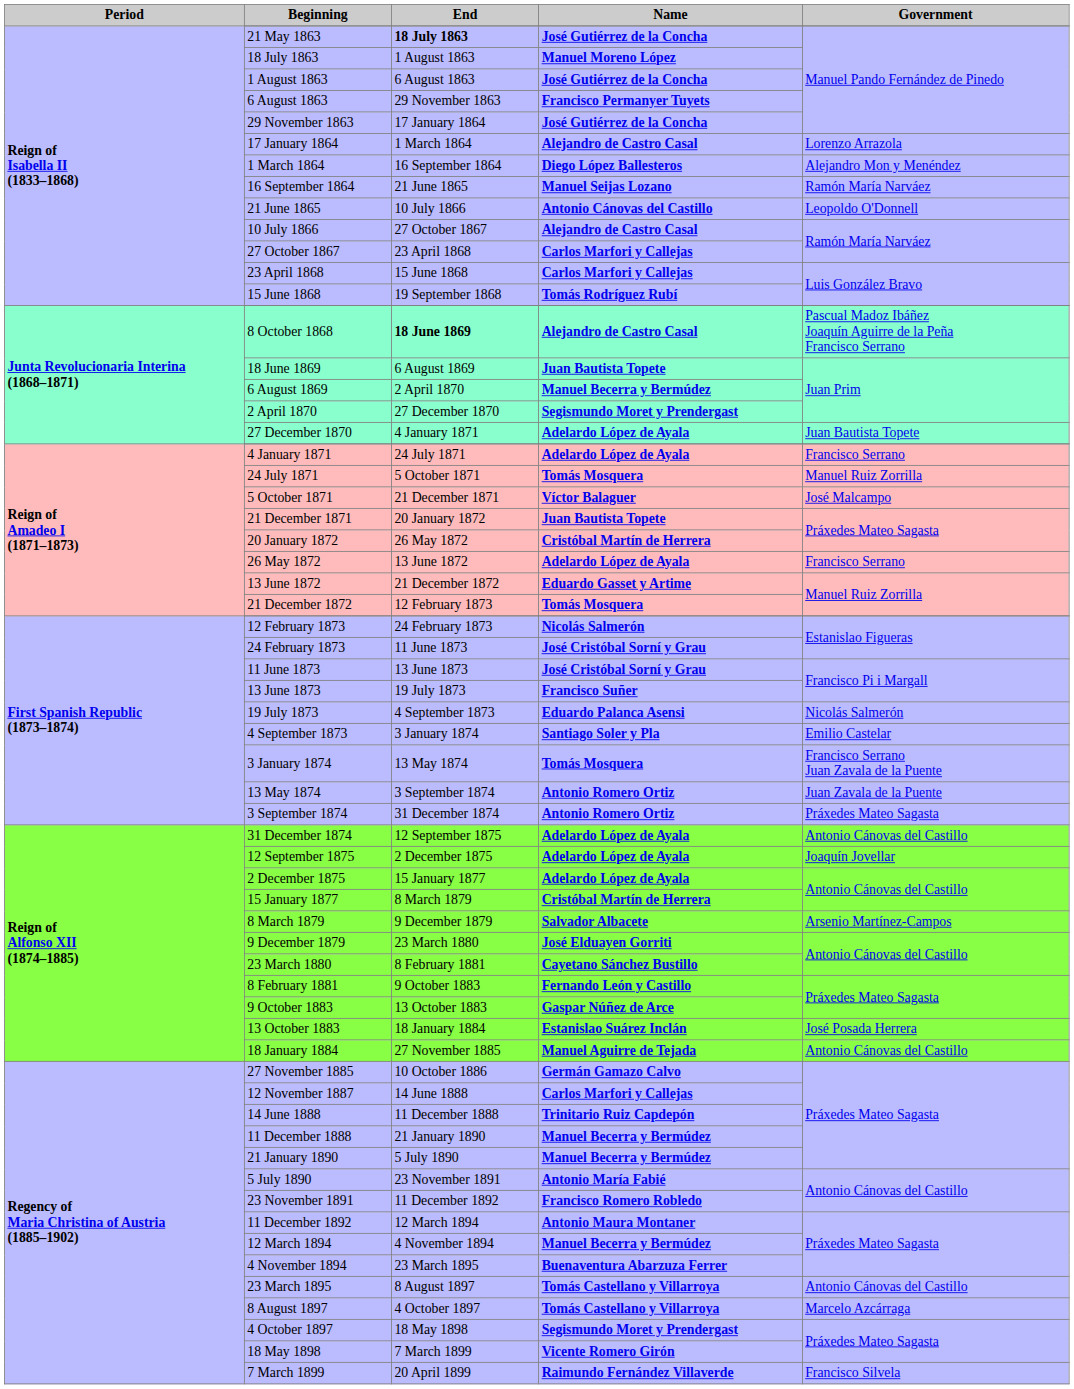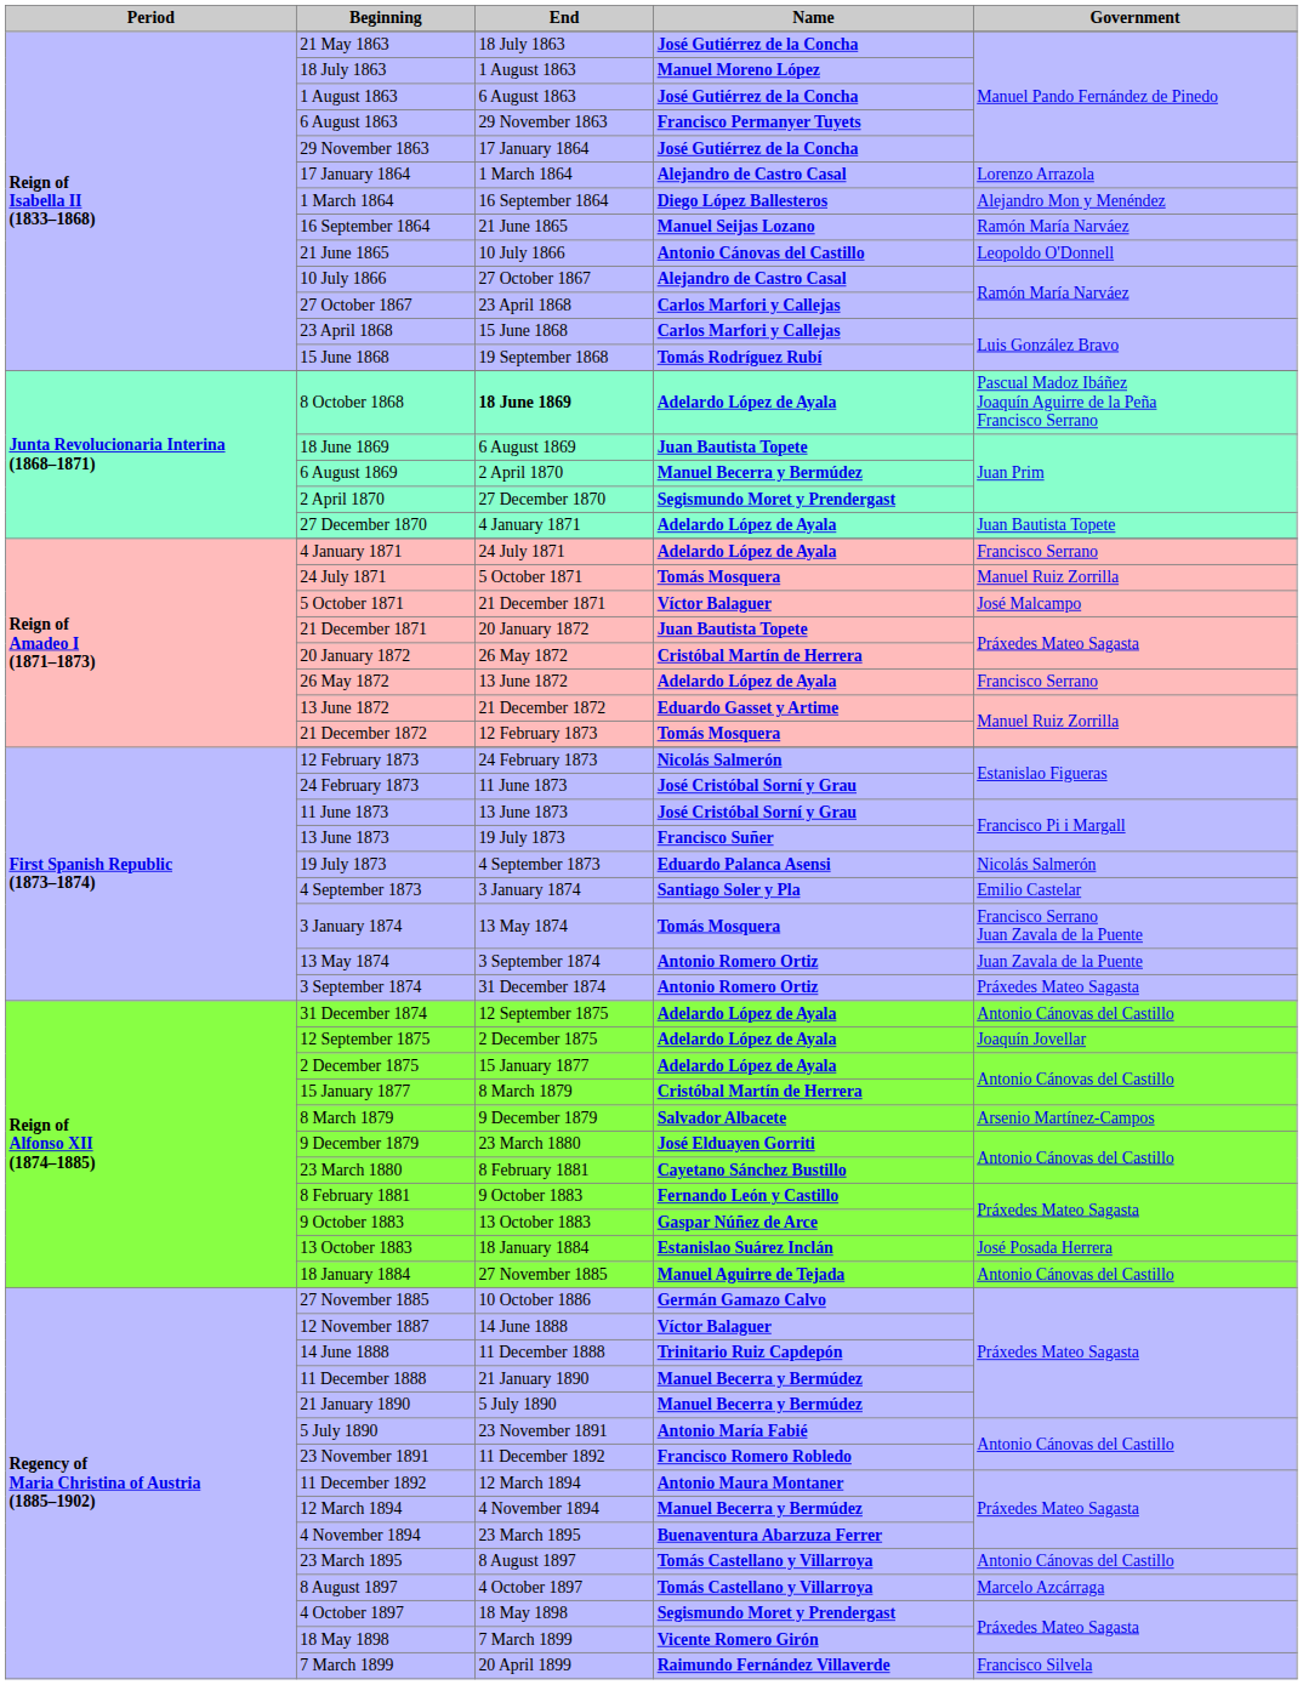 <table bgcolor="#f7f8ff" cellpadding="3" cellspacing="0" border="1" style="ont-size: 95%; border: gray solid 1px; border-collapse: collapse;" width="98%">
 <tr bgcolor="#CCCCCC">
 <th align="center">Period</th>
 <th align="center">Beginning</th>
 <th align="center">End</th>
 <th align="center">Name</th>
 <th align="center">Government</th>
 </tr>
 <tr bgcolor="#BBBBFF">
 <td rowspan=14><strong>Reign of</strong><br><strong><a href='#'>Isabella II</a></strong><br><strong>(1833–1868)</strong></td>
 </tr>
 <tr bgcolor="#BBBBFF">
 <td>21 May 1863</td>
-<td><strong>18 July 1863</strong></td>
+<td>18 July 1863</td>
 <td><strong><a href='#'>José Gutiérrez de la Concha</a></strong></td>
 <td rowspan=5><a href='#'>Manuel Pando Fernández de Pinedo</a></td>
 </tr>
 <tr bgcolor="#BBBBFF">
 <td>18 July 1863</td>
 <td>1 August 1863</td>
 <td><strong><a href='#'>Manuel Moreno López</a></strong></td>
 </tr>
 <tr bgcolor="#BBBBFF">
 <td>1 August 1863</td>
 <td>6 August 1863</td>
 <td><strong><a href='#'>José Gutiérrez de la Concha</a></strong></td>
 </tr>
 <tr bgcolor="#BBBBFF">
 <td>6 August 1863</td>
 <td>29 November 1863</td>
 <td><strong><a href='#'>Francisco Permanyer Tuyets</a></strong></td>
 </tr>
 <tr bgcolor="#BBBBFF">
 <td>29 November 1863</td>
 <td>17 January 1864</td>
 <td><strong><a href='#'>José Gutiérrez de la Concha</a></strong></td>
 </tr>
 <tr bgcolor="#BBBBFF">
 <td>17 January 1864</td>
 <td>1 March 1864</td>
 <td><strong><a href='#'>Alejandro de Castro Casal</a></strong></td>
 <td><a href='#'>Lorenzo Arrazola</a></td>
 </tr>
 <tr bgcolor="#BBBBFF">
 <td>1 March 1864</td>
 <td>16 September 1864</td>
 <td><strong><a href='#'>Diego López Ballesteros</a></strong></td>
 <td><a href='#'>Alejandro Mon y Menéndez</a></td>
 </tr>
 <tr bgcolor="#BBBBFF">
 <td>16 September 1864</td>
 <td>21 June 1865</td>
 <td><strong><a href='#'>Manuel Seijas Lozano</a></strong></td>
 <td><a href='#'>Ramón María Narváez</a></td>
 </tr>
 <tr bgcolor="#BBBBFF">
 <td>21 June 1865</td>
 <td>10 July 1866</td>
 <td><strong><a href='#'>Antonio Cánovas del Castillo</a></strong></td>
 <td><a href='#'>Leopoldo O'Donnell</a></td>
 </tr>
 <tr bgcolor="#BBBBFF">
 <td>10 July 1866</td>
 <td>27 October 1867</td>
 <td><strong><a href='#'>Alejandro de Castro Casal</a></strong></td>
 <td rowspan=2><a href='#'>Ramón María Narváez</a></td>
 </tr>
 <tr bgcolor="#BBBBFF">
 <td>27 October 1867</td>
 <td>23 April 1868</td>
 <td><strong><a href='#'>Carlos Marfori y Callejas</a></strong></td>
 </tr>
 <tr bgcolor="#BBBBFF">
 <td>23 April 1868</td>
 <td>15 June 1868</td>
 <td><strong><a href='#'>Carlos Marfori y Callejas</a></strong></td>
 <td rowspan=2><a href='#'>Luis González Bravo</a></td>
 </tr>
 <tr bgcolor="#BBBBFF">
 <td>15 June 1868</td>
 <td>19 September 1868</td>
 <td><strong><a href='#'>Tomás Rodríguez Rubí</a></strong></td>
 </tr>
 <tr bgcolor="#88ffcc">
 <td rowspan=6><strong><a href='#'>Junta Revolucionaria Interina</a></strong><br><strong>(1868–1871)</strong></td>
 </tr>
 <tr bgcolor="#88ffcc">
 <td>8 October 1868</td>
 <td><strong>18 June 1869</strong></td>
-<td><strong><a href='#'>Alejandro de Castro Casal</a></strong></td>
+<td><strong><a href='#'>Adelardo López de Ayala</a></strong></td>
 <td><a href='#'>Pascual Madoz Ibáñez</a><br><a href='#'>Joaquín Aguirre de la Peña</a><br><a href='#'>Francisco Serrano</a></td>
 </tr>
 <tr bgcolor="#88ffcc">
 <td>18 June 1869</td>
 <td>6 August 1869</td>
 <td><strong><a href='#'>Juan Bautista Topete</a></strong></td>
 <td rowspan=3><a href='#'>Juan Prim</a></td>
 </tr>
 <tr bgcolor="#88ffcc">
 <td>6 August 1869</td>
 <td>2 April 1870</td>
 <td><strong><a href='#'>Manuel Becerra y Bermúdez</a></strong></td>
 </tr>
 <tr bgcolor="#88ffcc">
 <td>2 April 1870</td>
 <td>27 December 1870</td>
 <td><strong><a href='#'>Segismundo Moret y Prendergast</a></strong></td>
 </tr>
 <tr bgcolor="#88ffcc">
 <td>27 December 1870</td>
 <td>4 January 1871</td>
 <td><strong><a href='#'>Adelardo López de Ayala</a></strong></td>
 <td><a href='#'>Juan Bautista Topete</a></td>
 </tr>
 <tr bgcolor="#FFBBBB">
 <td rowspan=9><strong>Reign of</strong><br><strong><a href='#'>Amadeo I</a></strong><br><strong>(1871–1873)</strong></td>
 </tr>
 <tr bgcolor="#FFBBBB">
 <td>4 January 1871</td>
 <td>24 July 1871</td>
 <td><strong><a href='#'>Adelardo López de Ayala</a></strong></td>
 <td><a href='#'>Francisco Serrano</a></td>
 </tr>
 <tr bgcolor="#FFBBBB">
 <td>24 July 1871</td>
 <td>5 October 1871</td>
 <td><strong><a href='#'>Tomás Mosquera</a></strong></td>
 <td><a href='#'>Manuel Ruiz Zorrilla</a></td>
 </tr>
 <tr bgcolor="#FFBBBB">
 <td>5 October 1871</td>
 <td>21 December 1871</td>
 <td><strong><a href='#'>Víctor Balaguer</a></strong></td>
 <td><a href='#'>José Malcampo</a></td>
 </tr>
 <tr bgcolor="#FFBBBB">
 <td>21 December 1871</td>
 <td>20 January 1872</td>
 <td><strong><a href='#'>Juan Bautista Topete</a></strong></td>
 <td rowspan=2><a href='#'>Práxedes Mateo Sagasta</a></td>
 </tr>
 <tr bgcolor="#FFBBBB">
 <td>20 January 1872</td>
 <td>26 May 1872</td>
 <td><strong><a href='#'>Cristóbal Martín de Herrera</a></strong></td>
 </tr>
 <tr bgcolor="#FFBBBB">
 <td>26 May 1872</td>
 <td>13 June 1872</td>
 <td><strong><a href='#'>Adelardo López de Ayala</a></strong></td>
 <td><a href='#'>Francisco Serrano</a></td>
 </tr>
 <tr bgcolor="#FFBBBB">
 <td>13 June 1872</td>
 <td>21 December 1872</td>
 <td><strong><a href='#'>Eduardo Gasset y Artime</a></strong></td>
 <td rowspan=2><a href='#'>Manuel Ruiz Zorrilla</a></td>
 </tr>
 <tr bgcolor="#FFBBBB">
 <td>21 December 1872</td>
 <td>12 February 1873</td>
 <td><strong><a href='#'>Tomás Mosquera</a></strong></td>
 </tr>
 <tr bgcolor="#BBBBFF">
 <td rowspan=10><strong><a href='#'>First Spanish Republic</a></strong><br><strong>(1873–1874)</strong></td>
 </tr>
 <tr bgcolor="#BBBBFF">
 <td>12 February 1873</td>
 <td>24 February 1873</td>
 <td><strong><a href='#'>Nicolás Salmerón</a></strong></td>
 <td rowspan=2><a href='#'>Estanislao Figueras</a></td>
 </tr>
 <tr bgcolor="#BBBBFF">
 <td>24 February 1873</td>
 <td>11 June 1873</td>
 <td><strong><a href='#'>José Cristóbal Sorní y Grau</a></strong></td>
 </tr>
 <tr bgcolor="#BBBBFF">
 <td>11 June 1873</td>
 <td>13 June 1873</td>
 <td><strong><a href='#'>José Cristóbal Sorní y Grau</a></strong></td>
 <td rowspan=2><a href='#'>Francisco Pi i Margall</a></td>
 </tr>
 <tr bgcolor="#BBBBFF">
 <td>13 June 1873</td>
 <td>19 July 1873</td>
 <td><strong><a href='#'>Francisco Suñer</a></strong></td>
 </tr>
 <tr bgcolor="#BBBBFF">
 <td>19 July 1873</td>
 <td>4 September 1873</td>
 <td><strong><a href='#'>Eduardo Palanca Asensi</a></strong></td>
 <td><a href='#'>Nicolás Salmerón</a></td>
 </tr>
 <tr bgcolor="#BBBBFF">
 <td>4 September 1873</td>
 <td>3 January 1874</td>
 <td><strong><a href='#'>Santiago Soler y Pla</a></strong></td>
 <td><a href='#'>Emilio Castelar</a></td>
 </tr>
 <tr bgcolor="#BBBBFF">
 <td>3 January 1874</td>
 <td>13 May 1874</td>
 <td><strong><a href='#'>Tomás Mosquera</a></strong></td>
 <td><a href='#'>Francisco Serrano</a><br><a href='#'>Juan Zavala de la Puente</a></td>
 </tr>
 <tr bgcolor="#BBBBFF">
 <td>13 May 1874</td>
 <td>3 September 1874</td>
 <td><strong><a href='#'>Antonio Romero Ortiz</a></strong></td>
 <td><a href='#'>Juan Zavala de la Puente</a></td>
 </tr>
 <tr bgcolor="#BBBBFF">
 <td>3 September 1874</td>
 <td>31 December 1874</td>
 <td><strong><a href='#'>Antonio Romero Ortiz</a></strong></td>
 <td><a href='#'>Práxedes Mateo Sagasta</a></td>
 </tr>
 <tr bgcolor="#88ff44">
 <td rowspan=11><strong>Reign of</strong><br><strong><a href='#'>Alfonso XII</a></strong><br><strong>(1874–1885)</strong></td>
 <td>31 December 1874</td>
 <td>12 September 1875</td>
 <td><strong><a href='#'>Adelardo López de Ayala</a></strong></td>
 <td><a href='#'>Antonio Cánovas del Castillo</a></td>
 </tr>
 <tr bgcolor="#88ff44">
 <td>12 September 1875</td>
 <td>2 December 1875</td>
 <td><strong><a href='#'>Adelardo López de Ayala</a></strong></td>
 <td><a href='#'>Joaquín Jovellar</a></td>
 </tr>
 <tr bgcolor="#88ff44">
 <td>2 December 1875</td>
 <td>15 January 1877</td>
 <td><strong><a href='#'>Adelardo López de Ayala</a></strong></td>
 <td rowspan="2"><a href='#'>Antonio Cánovas del Castillo</a></td>
 </tr>
 <tr bgcolor="#88ff44">
 <td>15 January 1877</td>
 <td>8 March 1879</td>
 <td><strong><a href='#'>Cristóbal Martín de Herrera</a></strong></td>
 </tr>
 <tr bgcolor="#88ff44">
 <td>8 March 1879</td>
 <td>9 December 1879</td>
 <td><strong><a href='#'>Salvador Albacete</a></strong></td>
 <td><a href='#'>Arsenio Martínez-Campos</a></td>
 </tr>
 <tr bgcolor="#88ff44">
 <td>9 December 1879</td>
 <td>23 March 1880</td>
 <td><strong><a href='#'>José Elduayen Gorriti</a></strong></td>
 <td rowspan=2><a href='#'>Antonio Cánovas del Castillo</a></td>
 </tr>
 <tr bgcolor="#88ff44">
 <td>23 March 1880</td>
 <td>8 February 1881</td>
 <td><strong><a href='#'>Cayetano Sánchez Bustillo</a></strong></td>
 </tr>
 <tr bgcolor="#88ff44">
 <td>8 February 1881</td>
 <td>9 October 1883</td>
 <td><strong><a href='#'>Fernando León y Castillo</a></strong></td>
 <td rowspan=2><a href='#'>Práxedes Mateo Sagasta</a></td>
 </tr>
 <tr bgcolor="#88ff44">
 <td>9 October 1883</td>
 <td>13 October 1883</td>
 <td><strong><a href='#'>Gaspar Núñez de Arce</a></strong></td>
 </tr>
 <tr bgcolor="#88ff44">
 <td>13 October 1883</td>
 <td>18 January 1884</td>
 <td><strong><a href='#'>Estanislao Suárez Inclán</a></strong></td>
 <td><a href='#'>José Posada Herrera</a></td>
 </tr>
 <tr bgcolor="#88ff44">
 <td>18 January 1884</td>
 <td>27 November 1885</td>
 <td><strong><a href='#'>Manuel Aguirre de Tejada</a></strong></td>
 <td><a href='#'>Antonio Cánovas del Castillo</a></td>
 </tr>
 <tr bgcolor="#BBBBFF">
 <td rowspan=15><strong>Regency of</strong><br><strong><a href='#'>Maria Christina of Austria</a></strong><br><strong>(1885–1902)</strong></td>
 <td>27 November 1885</td>
 <td>10 October 1886</td>
 <td><strong><a href='#'>Germán Gamazo Calvo</a></strong></td>
 <td rowspan=5><a href='#'>Práxedes Mateo Sagasta</a></td>
 </tr>
 <tr bgcolor="#BBBBFF">
 <td>12 November 1887</td>
 <td>14 June 1888</td>
-<td><strong><a href='#'>Carlos Marfori y Callejas</a></strong></td>
+<td><strong><a href='#'>Víctor Balaguer</a></strong></td>
 </tr>
 <tr bgcolor="#BBBBFF">
 <td>14 June 1888</td>
 <td>11 December 1888</td>
 <td><strong><a href='#'>Trinitario Ruiz Capdepón</a></strong></td>
 </tr>
 <tr bgcolor="#BBBBFF">
 <td>11 December 1888</td>
 <td>21 January 1890</td>
 <td><strong><a href='#'>Manuel Becerra y Bermúdez</a></strong></td>
 </tr>
 <tr bgcolor="#BBBBFF">
 <td>21 January 1890</td>
 <td>5 July 1890</td>
 <td><strong><a href='#'>Manuel Becerra y Bermúdez</a></strong></td>
 </tr>
 <tr bgcolor="#BBBBFF">
 <td>5 July 1890</td>
 <td>23 November 1891</td>
 <td><strong><a href='#'>Antonio María Fabié</a></strong></td>
 <td rowspan=2><a href='#'>Antonio Cánovas del Castillo</a></td>
 </tr>
 <tr bgcolor="#BBBBFF">
 <td>23 November 1891</td>
 <td>11 December 1892</td>
 <td><strong><a href='#'>Francisco Romero Robledo</a></strong></td>
 </tr>
 <tr bgcolor="#BBBBFF">
 <td>11 December 1892</td>
 <td>12 March 1894</td>
 <td><strong><a href='#'>Antonio Maura Montaner</a></strong></td>
 <td rowspan=3><a href='#'>Práxedes Mateo Sagasta</a></td>
 </tr>
 <tr bgcolor="#BBBBFF">
 <td>12 March 1894</td>
 <td>4 November 1894</td>
 <td><strong><a href='#'>Manuel Becerra y Bermúdez</a></strong></td>
 </tr>
 <tr bgcolor="#BBBBFF">
 <td>4 November 1894</td>
 <td>23 March 1895</td>
 <td><strong><a href='#'>Buenaventura Abarzuza Ferrer</a></strong></td>
 </tr>
 <tr bgcolor="#BBBBFF">
 <td>23 March 1895</td>
 <td>8 August 1897</td>
 <td><strong><a href='#'>Tomás Castellano y Villarroya</a></strong></td>
 <td><a href='#'>Antonio Cánovas del Castillo</a></td>
 </tr>
 <tr bgcolor="#BBBBFF">
 <td>8 August 1897</td>
 <td>4 October 1897</td>
 <td><strong><a href='#'>Tomás Castellano y Villarroya</a></strong></td>
 <td><a href='#'>Marcelo Azcárraga</a></td>
 </tr>
 <tr bgcolor="#BBBBFF">
 <td>4 October 1897</td>
 <td>18 May 1898</td>
 <td><strong><a href='#'>Segismundo Moret y Prendergast</a></strong></td>
 <td rowspan=2><a href='#'>Práxedes Mateo Sagasta</a></td>
 </tr>
 <tr bgcolor="#BBBBFF">
 <td>18 May 1898</td>
 <td>7 March 1899</td>
 <td><strong><a href='#'>Vicente Romero Girón</a></strong></td>
 </tr>
 <tr bgcolor="#BBBBFF">
 <td>7 March 1899</td>
 <td>20 April 1899</td>
 <td><strong><a href='#'>Raimundo Fernández Villaverde</a></strong></td>
 <td><a href='#'>Francisco Silvela</a></td>
 </tr>
 </table>
